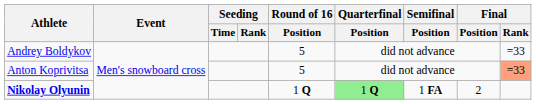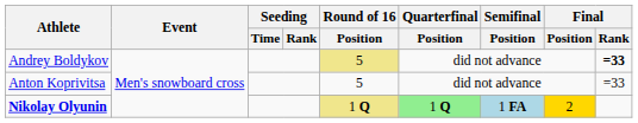 <table class="wikitable" style="font-size:90%">
 <tr>
 <th rowspan=2>Athlete</th>
 <th rowspan=2>Event</th>
 <th colspan=2>Seeding</th>
 <th>Round of 16</th>
 <th>Quarterfinal</th>
 <th>Semifinal</th>
 <th colspan=2>Final</th>
 </tr>
 <tr style="font-size:95%">
 <th>Time</th>
 <th>Rank</th>
 <th>Position</th>
 <th>Position</th>
 <th>Position</th>
 <th>Position</th>
 <th>Rank</th>
 </tr>
 <tr align=center>
 <td align=left><a href='#'>Andrey Boldykov</a></td>
 <td align=left rowspan=3><a href='#'>Men's snowboard cross</a></td>
 <td colspan=2></td>
-<td>5</td>
+<td style="background: khaki;">5</td>
 <td colspan=3>did not advance</td>
-<td>=33</td>
+<td><strong>=33</strong></td>
 </tr>
 <tr align=center>
 <td align=left><a href='#'>Anton Koprivitsa</a></td>
 <td colspan=2></td>
 <td>5</td>
 <td colspan=3>did not advance</td>
-<td style="background: lightsalmon;">=33</td>
+<td>=33</td>
 </tr>
 <tr align=center>
 <td align=left><strong><a href='#'>Nikolay Olyunin</a></strong></td>
 <td colspan=2></td>
-<td>1 <strong>Q</strong></td>
+<td style="background: khaki;">1 <strong>Q</strong></td>
 <td style="background: lightgreen;">1 <strong>Q</strong></td>
-<td>1 <strong>FA</strong></td>
-<td>2</td>
+<td style="background: lightblue;">1 <strong>FA</strong></td>
+<td style="background: gold;">2</td>
 <td></td>
 </tr>
 </table>
